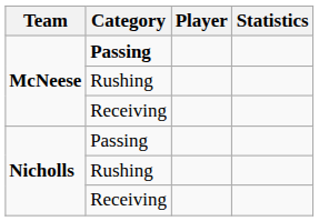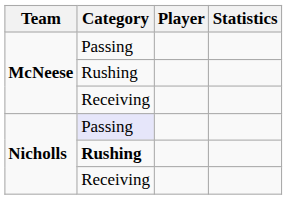 <table class="wikitable" style="float: right;">
 <tr>
 <th>Team</th>
 <th>Category</th>
 <th>Player</th>
 <th>Statistics</th>
 </tr>
 <tr>
 <td rowspan=3><strong>McNeese</strong></td>
-<td><strong>Passing</strong></td>
+<td>Passing</td>
 <td></td>
 <td></td>
 </tr>
 <tr>
 <td>Rushing</td>
 <td></td>
 <td></td>
 </tr>
 <tr>
 <td>Receiving</td>
 <td></td>
 <td></td>
 </tr>
 <tr>
 <td rowspan=3><strong>Nicholls</strong></td>
-<td>Passing</td>
+<td style="background: lavender;">Passing</td>
 <td></td>
 <td></td>
 </tr>
 <tr>
-<td>Rushing</td>
+<td><strong>Rushing</strong></td>
 <td></td>
 <td></td>
 </tr>
 <tr>
 <td>Receiving</td>
 <td></td>
 <td></td>
 </tr>
 </table>
